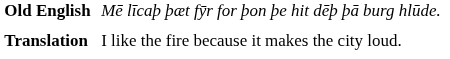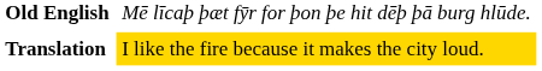 <table border="0" cellspacing="2" cellpadding="4">
 <tr>
 <td><strong>Old English</strong></td>
 <td><em>Mē līcaþ þæt fȳr for þon þe hit dēþ þā burg hlūde.</em></td>
 </tr>
 <tr>
 <td><strong>Translation</strong></td>
-<td>I like the fire because it makes the city loud.</td>
+<td style="background: gold;">I like the fire because it makes the city loud.</td>
 </tr>
 </table>
